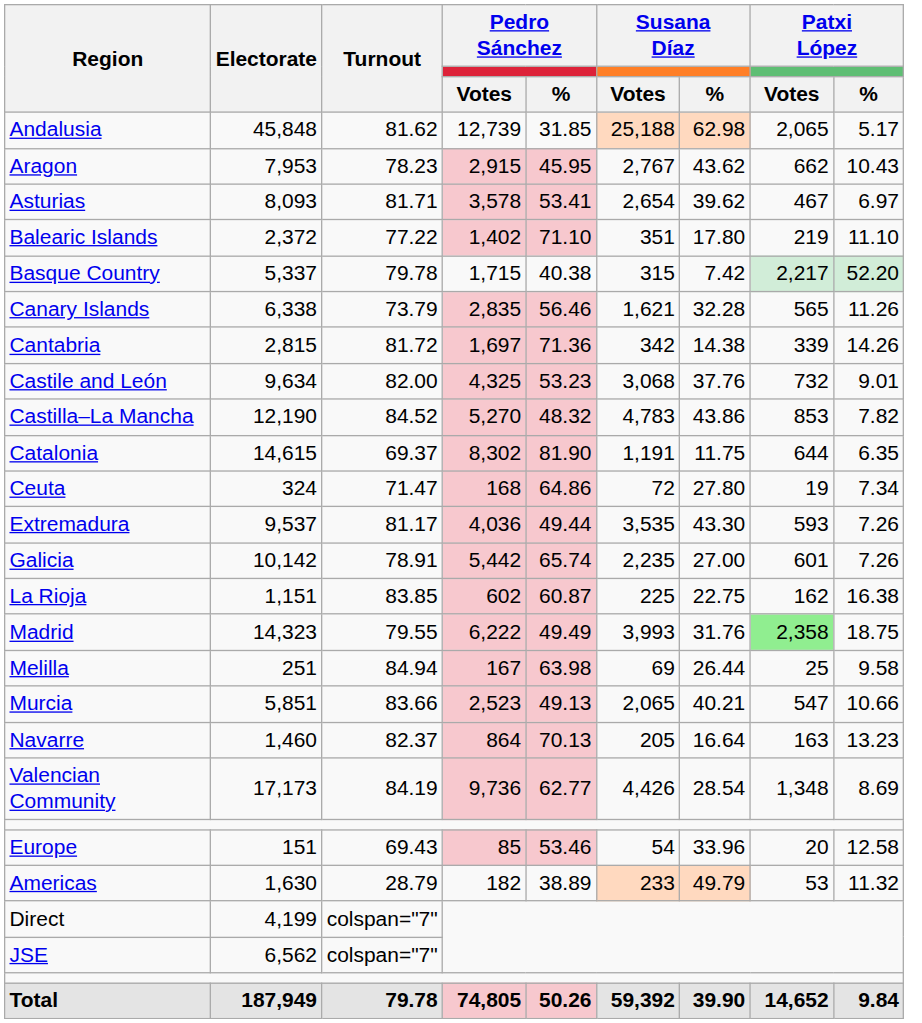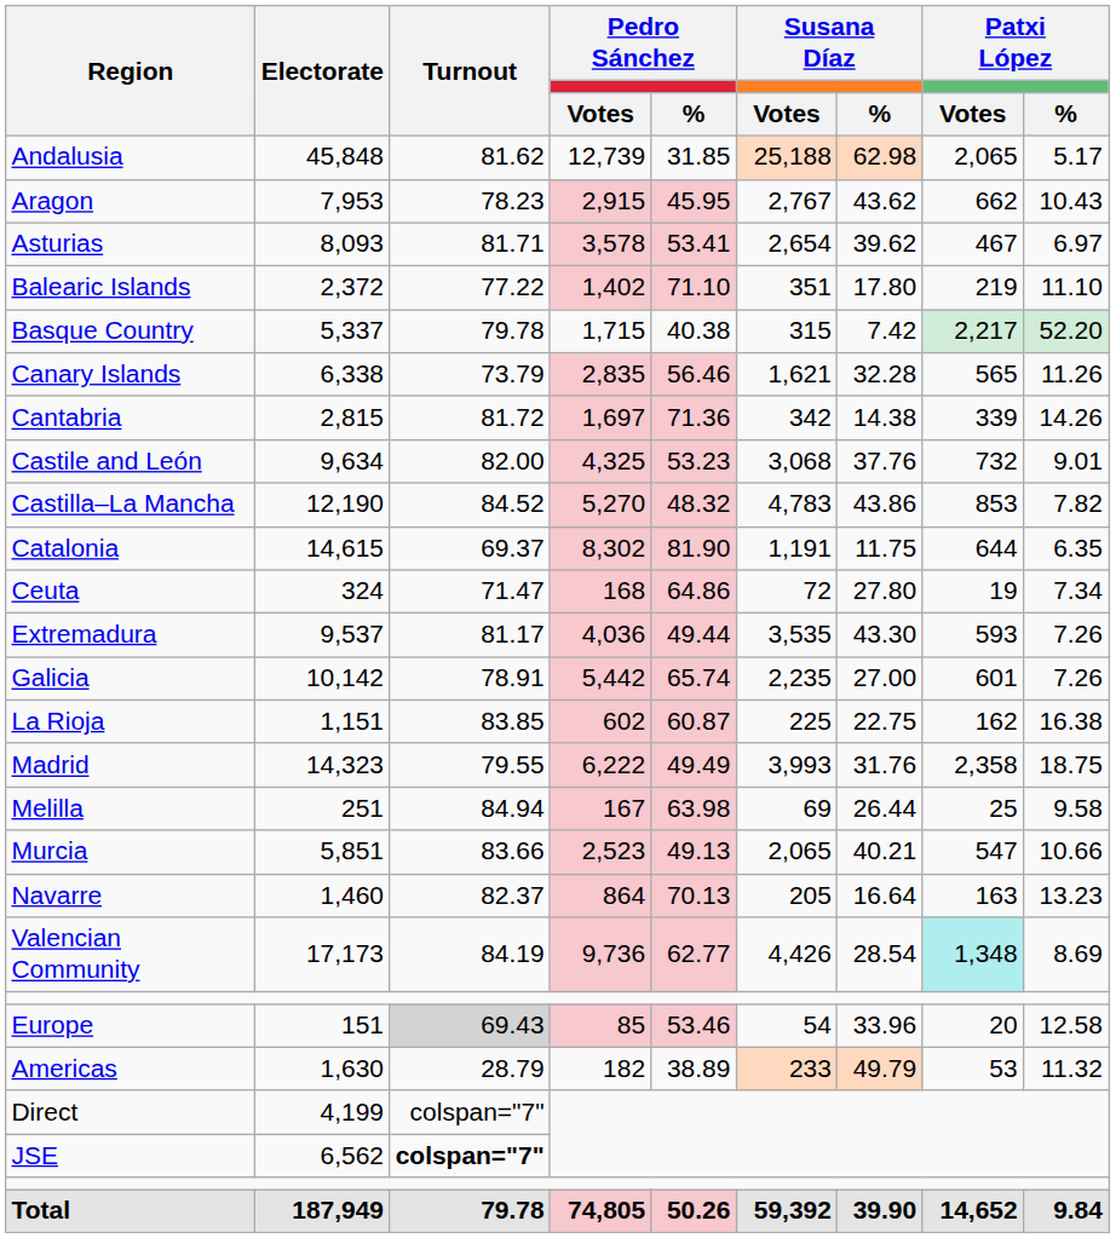 <table class="wikitable sortable" style="text-align:right; line-height:20px;">
 <tr>
 <th width="150" rowspan="3">Region</th>
 <th rowspan="3">Electorate</th>
 <th rowspan="3">Turnout</th>
 <th colspan="2" width="110" class="unsortable"><a href='#'>Pedro<br>Sánchez</a></th>
 <th colspan="2" width="110" class="unsortable"><a href='#'>Susana<br>Díaz</a></th>
 <th colspan="2" width="110" class="unsortable"><a href='#'>Patxi<br>López</a></th>
 </tr>
 <tr>
 <th colspan="2" style="color:inherit;background:#DD2239;"></th>
 <th colspan="2" style="color:inherit;background:#FF7F27;"></th>
 <th colspan="2" style="color:inherit;background:#5FBE74;"></th>
 </tr>
 <tr>
 <th data-sort-type="number">Votes</th>
 <th data-sort-type="number">%</th>
 <th data-sort-type="number">Votes</th>
 <th data-sort-type="number">%</th>
 <th data-sort-type="number">Votes</th>
 <th data-sort-type="number">%</th>
 </tr>
 <tr>
 <td align="left"><a href='#'>Andalusia</a></td>
 <td>45,848</td>
 <td>81.62</td>
 <td>12,739</td>
 <td>31.85</td>
 <td style="color:inherit;background:#FFD9BF;">25,188</td>
 <td style="color:inherit;background:#FFD9BF;">62.98</td>
 <td>2,065</td>
 <td>5.17</td>
 </tr>
 <tr>
 <td align="left"><a href='#'>Aragon</a></td>
 <td>7,953</td>
 <td>78.23</td>
 <td style="color:inherit;background:#F7C8CE;">2,915</td>
 <td style="color:inherit;background:#F7C8CE;">45.95</td>
 <td>2,767</td>
 <td>43.62</td>
 <td>662</td>
 <td>10.43</td>
 </tr>
 <tr>
 <td align="left"><a href='#'>Asturias</a></td>
 <td>8,093</td>
 <td>81.71</td>
 <td style="color:inherit;background:#F7C8CE;">3,578</td>
 <td style="color:inherit;background:#F7C8CE;">53.41</td>
 <td>2,654</td>
 <td>39.62</td>
 <td>467</td>
 <td>6.97</td>
 </tr>
 <tr>
 <td align="left"><a href='#'>Balearic Islands</a></td>
 <td>2,372</td>
 <td>77.22</td>
 <td style="color:inherit;background:#F7C8CE;">1,402</td>
 <td style="color:inherit;background:#F7C8CE;">71.10</td>
 <td>351</td>
 <td>17.80</td>
 <td>219</td>
 <td>11.10</td>
 </tr>
 <tr>
 <td align="left"><a href='#'>Basque Country</a></td>
 <td>5,337</td>
 <td>79.78</td>
 <td>1,715</td>
 <td>40.38</td>
 <td>315</td>
 <td>7.42</td>
 <td style="color:inherit;background:#D1EDD8;">2,217</td>
 <td style="color:inherit;background:#D1EDD8;">52.20</td>
 </tr>
 <tr>
 <td align="left"><a href='#'>Canary Islands</a></td>
 <td>6,338</td>
 <td>73.79</td>
 <td style="color:inherit;background:#F7C8CE;">2,835</td>
 <td style="color:inherit;background:#F7C8CE;">56.46</td>
 <td>1,621</td>
 <td>32.28</td>
 <td>565</td>
 <td>11.26</td>
 </tr>
 <tr>
 <td align="left"><a href='#'>Cantabria</a></td>
 <td>2,815</td>
 <td>81.72</td>
 <td style="color:inherit;background:#F7C8CE;">1,697</td>
 <td style="color:inherit;background:#F7C8CE;">71.36</td>
 <td>342</td>
 <td>14.38</td>
 <td>339</td>
 <td>14.26</td>
 </tr>
 <tr>
 <td align="left"><a href='#'>Castile and León</a></td>
 <td>9,634</td>
 <td>82.00</td>
 <td style="color:inherit;background:#F7C8CE;">4,325</td>
 <td style="color:inherit;background:#F7C8CE;">53.23</td>
 <td>3,068</td>
 <td>37.76</td>
 <td>732</td>
 <td>9.01</td>
 </tr>
 <tr>
 <td align="left"><a href='#'>Castilla–La Mancha</a></td>
 <td>12,190</td>
 <td>84.52</td>
 <td style="color:inherit;background:#F7C8CE;">5,270</td>
 <td style="color:inherit;background:#F7C8CE;">48.32</td>
 <td>4,783</td>
 <td>43.86</td>
 <td>853</td>
 <td>7.82</td>
 </tr>
 <tr>
 <td align="left"><a href='#'>Catalonia</a></td>
 <td>14,615</td>
 <td>69.37</td>
 <td style="color:inherit;background:#F7C8CE;">8,302</td>
 <td style="color:inherit;background:#F7C8CE;">81.90</td>
 <td>1,191</td>
 <td>11.75</td>
 <td>644</td>
 <td>6.35</td>
 </tr>
 <tr>
 <td align="left"><a href='#'>Ceuta</a></td>
 <td>324</td>
 <td>71.47</td>
 <td style="color:inherit;background:#F7C8CE;">168</td>
 <td style="color:inherit;background:#F7C8CE;">64.86</td>
 <td>72</td>
 <td>27.80</td>
 <td>19</td>
 <td>7.34</td>
 </tr>
 <tr>
 <td align="left"><a href='#'>Extremadura</a></td>
 <td>9,537</td>
 <td>81.17</td>
 <td style="color:inherit;background:#F7C8CE;">4,036</td>
 <td style="color:inherit;background:#F7C8CE;">49.44</td>
 <td>3,535</td>
 <td>43.30</td>
 <td>593</td>
 <td>7.26</td>
 </tr>
 <tr>
 <td align="left"><a href='#'>Galicia</a></td>
 <td>10,142</td>
 <td>78.91</td>
 <td style="color:inherit;background:#F7C8CE;">5,442</td>
 <td style="color:inherit;background:#F7C8CE;">65.74</td>
 <td>2,235</td>
 <td>27.00</td>
 <td>601</td>
 <td>7.26</td>
 </tr>
 <tr>
 <td align="left"><a href='#'>La Rioja</a></td>
 <td>1,151</td>
 <td>83.85</td>
 <td style="color:inherit;background:#F7C8CE;">602</td>
 <td style="color:inherit;background:#F7C8CE;">60.87</td>
 <td>225</td>
 <td>22.75</td>
 <td>162</td>
 <td>16.38</td>
 </tr>
 <tr>
 <td align="left"><a href='#'>Madrid</a></td>
 <td>14,323</td>
 <td>79.55</td>
 <td style="color:inherit;background:#F7C8CE;">6,222</td>
 <td style="color:inherit;background:#F7C8CE;">49.49</td>
 <td>3,993</td>
 <td>31.76</td>
-<td style="background: lightgreen;">2,358</td>
+<td>2,358</td>
 <td>18.75</td>
 </tr>
 <tr>
 <td align="left"><a href='#'>Melilla</a></td>
 <td>251</td>
 <td>84.94</td>
 <td style="color:inherit;background:#F7C8CE;">167</td>
 <td style="color:inherit;background:#F7C8CE;">63.98</td>
 <td>69</td>
 <td>26.44</td>
 <td>25</td>
 <td>9.58</td>
 </tr>
 <tr>
 <td align="left"><a href='#'>Murcia</a></td>
 <td>5,851</td>
 <td>83.66</td>
 <td style="color:inherit;background:#F7C8CE;">2,523</td>
 <td style="color:inherit;background:#F7C8CE;">49.13</td>
 <td>2,065</td>
 <td>40.21</td>
 <td>547</td>
 <td>10.66</td>
 </tr>
 <tr>
 <td align="left"><a href='#'>Navarre</a></td>
 <td>1,460</td>
 <td>82.37</td>
 <td style="color:inherit;background:#F7C8CE;">864</td>
 <td style="color:inherit;background:#F7C8CE;">70.13</td>
 <td>205</td>
 <td>16.64</td>
 <td>163</td>
 <td>13.23</td>
 </tr>
 <tr>
 <td align="left"><a href='#'>Valencian Community</a></td>
 <td>17,173</td>
 <td>84.19</td>
 <td style="color:inherit;background:#F7C8CE;">9,736</td>
 <td style="color:inherit;background:#F7C8CE;">62.77</td>
 <td>4,426</td>
 <td>28.54</td>
-<td>1,348</td>
+<td style="background: paleturquoise;">1,348</td>
 <td>8.69</td>
 </tr>
 <tr>
 <td colspan="9"></td>
 </tr>
 <tr>
 <td align="left"><a href='#'>Europe</a></td>
 <td>151</td>
-<td>69.43</td>
+<td style="background: lightgrey;">69.43</td>
 <td style="color:inherit;background:#F7C8CE;">85</td>
 <td style="color:inherit;background:#F7C8CE;">53.46</td>
 <td>54</td>
 <td>33.96</td>
 <td>20</td>
 <td>12.58</td>
 </tr>
 <tr>
 <td align="left"><a href='#'>Americas</a></td>
 <td>1,630</td>
 <td>28.79</td>
 <td>182</td>
 <td>38.89</td>
 <td style="color:inherit;background:#FFD9BF;">233</td>
 <td style="color:inherit;background:#FFD9BF;">49.79</td>
 <td>53</td>
 <td>11.32</td>
 </tr>
 <tr>
 <td align="left">Direct</td>
 <td>4,199</td>
 <td>colspan="7" </td>
 </tr>
 <tr>
 <td align="left"><a href='#'>JSE</a></td>
 <td>6,562</td>
-<td>colspan="7" </td>
+<td><strong>colspan="7" </strong></td>
 </tr>
 <tr>
 <td colspan="9"></td>
 </tr>
 <tr style="font-weight:bold; background:#E4E4E4;">
 <td align="left">Total</td>
 <td>187,949</td>
 <td>79.78</td>
 <td style="color:inherit;background:#F7C8CE;">74,805</td>
 <td style="color:inherit;background:#F7C8CE;">50.26</td>
 <td>59,392</td>
 <td>39.90</td>
 <td>14,652</td>
 <td>9.84</td>
 </tr>
 </table>
